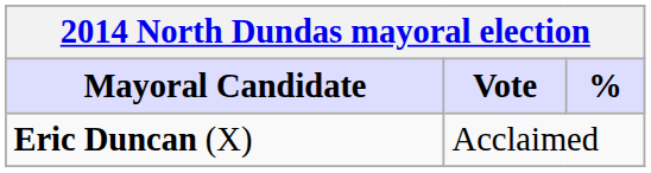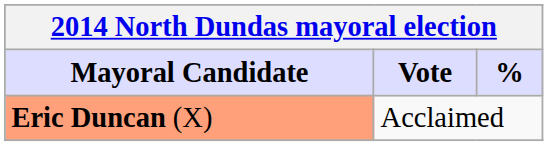 <table class="wikitable">
 <tr>
 <th colspan="3"><a href='#'>2014 North Dundas mayoral election</a></th>
 </tr>
 <tr>
 <th style="background:#ddf; width:200px;">Mayoral Candidate</th>
 <th style="background:#ddf; width:50px;">Vote</th>
 <th style="background:#ddf; width:30px;">%</th>
 </tr>
 <tr>
-<td><strong>Eric Duncan</strong> (X)</td>
+<td style="background: lightsalmon;"><strong>Eric Duncan</strong> (X)</td>
 <td colspan="2">Acclaimed</td>
 </tr>
 </table>
